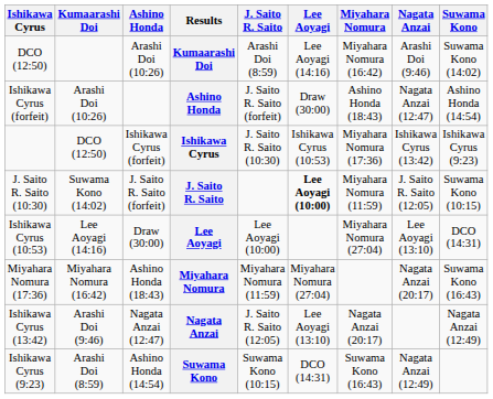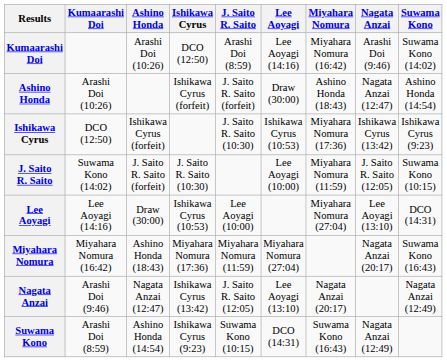 <table class="wikitable" style="text-align:center; margin: 1em auto 1em auto">
 <tr align="center">
-<th><a href='#'>Ishikawa</a><br>Cyrus</th>
+<th>Results</th>
 <th><a href='#'>Kumaarashi</a><br><a href='#'>Doi</a></th>
 <th><a href='#'>Ashino</a><br><a href='#'>Honda</a></th>
-<th>Results</th>
+<th><a href='#'>Ishikawa</a><br>Cyrus</th>
 <th><a href='#'>J. Saito</a><br><a href='#'>R. Saito</a></th>
 <th><a href='#'>Lee</a><br><a href='#'>Aoyagi</a></th>
 <th><a href='#'>Miyahara</a><br><a href='#'>Nomura</a></th>
 <th><a href='#'>Nagata</a><br><a href='#'>Anzai</a></th>
 <th><a href='#'>Suwama</a><br><a href='#'>Kono</a></th>
 </tr>
 <tr>
-<td>DCO<br>(12:50)</td>
+<th><a href='#'>Kumaarashi</a><br><a href='#'>Doi</a></th>
 <td></td>
 <td>Arashi<br>Doi<br>(10:26)</td>
-<th><a href='#'>Kumaarashi</a><br><a href='#'>Doi</a></th>
+<td>DCO<br>(12:50)</td>
 <td>Arashi<br>Doi<br>(8:59)</td>
 <td>Lee<br>Aoyagi<br>(14:16)</td>
 <td>Miyahara<br>Nomura<br>(16:42)</td>
 <td>Arashi<br>Doi<br>(9:46)</td>
 <td>Suwama<br>Kono<br>(14:02)</td>
 </tr>
 <tr>
-<td>Ishikawa<br>Cyrus<br>(forfeit)</td>
+<th><a href='#'>Ashino</a><br><a href='#'>Honda</a></th>
 <td>Arashi<br>Doi<br>(10:26)</td>
 <td></td>
-<th><a href='#'>Ashino</a><br><a href='#'>Honda</a></th>
+<td>Ishikawa<br>Cyrus<br>(forfeit)</td>
 <td>J. Saito<br>R. Saito<br>(forfeit)</td>
 <td>Draw<br>(30:00)</td>
 <td>Ashino<br>Honda<br>(18:43)</td>
 <td>Nagata<br>Anzai<br>(12:47)</td>
 <td>Ashino<br>Honda<br>(14:54)</td>
 </tr>
 <tr>
-<td></td>
+<th><a href='#'>Ishikawa</a><br>Cyrus</th>
 <td>DCO<br>(12:50)</td>
 <td>Ishikawa<br>Cyrus<br>(forfeit)</td>
-<th><a href='#'>Ishikawa</a><br>Cyrus</th>
+<td></td>
 <td>J. Saito<br>R. Saito<br>(10:30)</td>
 <td>Ishikawa<br>Cyrus<br>(10:53)</td>
 <td>Miyahara<br>Nomura<br>(17:36)</td>
 <td>Ishikawa<br>Cyrus<br>(13:42)</td>
 <td>Ishikawa<br>Cyrus<br>(9:23)</td>
 </tr>
 <tr>
-<td>J. Saito<br>R. Saito<br>(10:30)</td>
+<th><a href='#'>J. Saito</a><br><a href='#'>R. Saito</a></th>
 <td>Suwama<br>Kono<br>(14:02)</td>
 <td>J. Saito<br>R. Saito<br>(forfeit)</td>
-<th><a href='#'>J. Saito</a><br><a href='#'>R. Saito</a></th>
+<td>J. Saito<br>R. Saito<br>(10:30)</td>
 <td></td>
-<td><strong>Lee<br>Aoyagi<br>(10:00)</strong></td>
+<td>Lee<br>Aoyagi<br>(10:00)</td>
 <td>Miyahara<br>Nomura<br>(11:59)</td>
 <td>J. Saito<br>R. Saito<br>(12:05)</td>
 <td>Suwama<br>Kono<br>(10:15)</td>
 </tr>
 <tr>
-<td>Ishikawa<br>Cyrus<br>(10:53)</td>
+<th><a href='#'>Lee</a><br><a href='#'>Aoyagi</a></th>
 <td>Lee<br>Aoyagi<br>(14:16)</td>
 <td>Draw<br>(30:00)</td>
-<th><a href='#'>Lee</a><br><a href='#'>Aoyagi</a></th>
+<td>Ishikawa<br>Cyrus<br>(10:53)</td>
 <td>Lee<br>Aoyagi<br>(10:00)</td>
 <td></td>
 <td>Miyahara<br>Nomura<br>(27:04)</td>
 <td>Lee<br>Aoyagi<br>(13:10)</td>
 <td>DCO<br>(14:31)</td>
 </tr>
 <tr>
-<td>Miyahara<br>Nomura<br>(17:36)</td>
+<th><a href='#'>Miyahara</a><br><a href='#'>Nomura</a></th>
 <td>Miyahara<br>Nomura<br>(16:42)</td>
 <td>Ashino<br>Honda<br>(18:43)</td>
-<th><a href='#'>Miyahara</a><br><a href='#'>Nomura</a></th>
+<td>Miyahara<br>Nomura<br>(17:36)</td>
 <td>Miyahara<br>Nomura<br>(11:59)</td>
 <td>Miyahara<br>Nomura<br>(27:04)</td>
 <td></td>
 <td>Nagata<br>Anzai<br>(20:17)</td>
 <td>Suwama<br>Kono<br>(16:43)</td>
 </tr>
 <tr>
-<td>Ishikawa<br>Cyrus<br>(13:42)</td>
+<th><a href='#'>Nagata</a><br><a href='#'>Anzai</a></th>
 <td>Arashi<br>Doi<br>(9:46)</td>
 <td>Nagata<br>Anzai<br>(12:47)</td>
-<th><a href='#'>Nagata</a><br><a href='#'>Anzai</a></th>
+<td>Ishikawa<br>Cyrus<br>(13:42)</td>
 <td>J. Saito<br>R. Saito<br>(12:05)</td>
 <td>Lee<br>Aoyagi<br>(13:10)</td>
 <td>Nagata<br>Anzai<br>(20:17)</td>
 <td></td>
 <td>Nagata<br>Anzai<br>(12:49)</td>
 </tr>
 <tr>
-<td>Ishikawa<br>Cyrus<br>(9:23)</td>
+<th><a href='#'>Suwama</a><br><a href='#'>Kono</a></th>
 <td>Arashi<br>Doi<br>(8:59)</td>
 <td>Ashino<br>Honda<br>(14:54)</td>
-<th><a href='#'>Suwama</a><br><a href='#'>Kono</a></th>
+<td>Ishikawa<br>Cyrus<br>(9:23)</td>
 <td>Suwama<br>Kono<br>(10:15)</td>
 <td>DCO<br>(14:31)</td>
 <td>Suwama<br>Kono<br>(16:43)</td>
 <td>Nagata<br>Anzai<br>(12:49)</td>
 <td></td>
 </tr>
 </table>
